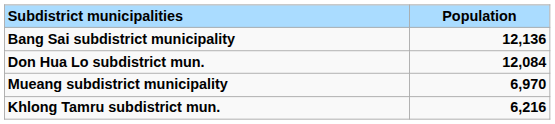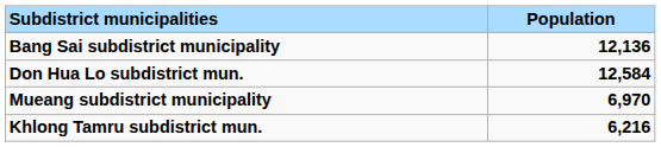 <table class="wikitable" style="width:48%; display:inline-table;">
 <tr>
 <td style= "background: #aadcff;"><strong>Subdistrict municipalities</strong></td>
 <td style= "background: #aadcff; text-align:center;"><strong>Population</strong></td>
 </tr>
 <tr>
 <td><strong>Bang Sai subdistrict municipality</strong></td>
 <td style="text-align:right;"><strong>12,136</strong></td>
 </tr>
 <tr>
 <td><strong>Don Hua Lo subdistrict mun.</strong></td>
-<td style="text-align:right;"><strong>12,084</strong></td>
+<td style="text-align:right;"><strong>12,584</strong></td>
 </tr>
 <tr>
 <td><strong>Mueang subdistrict municipality</strong></td>
 <td style="text-align:right;"><strong>6,970</strong></td>
 </tr>
 <tr>
 <td><strong>Khlong Tamru subdistrict mun.</strong></td>
 <td style="text-align:right;"><strong>6,216</strong></td>
 </tr>
 </table>
